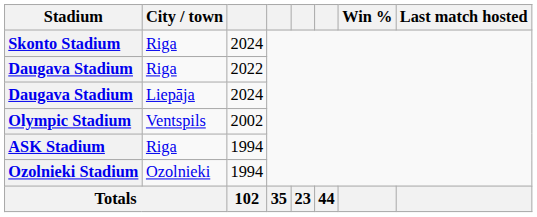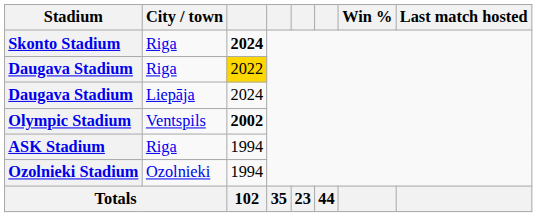 <table class="wikitable sortable plainrowheaders" cellpadding="3" style="text-align: center;">
 <tr>
 <th scope="col">Stadium</th>
 <th scope="col">City / town</th>
 <th scope="col"></th>
 <th scope="col"></th>
 <th scope="col"></th>
 <th scope="col"></th>
 <th scope="col">Win %</th>
 <th scope="col">Last match hosted</th>
 </tr>
 <tr>
 <th scope="row" style="text-align: left;"><a href='#'>Skonto Stadium</a></th>
 <td style="text-align: left;"><a href='#'>Riga</a><br></td>
-<td>2024</td>
+<td><strong>2024</strong></td>
 </tr>
 <tr>
 <th scope="row" style="text-align: left;"><a href='#'>Daugava Stadium</a></th>
 <td style="text-align: left;"><a href='#'>Riga</a><br></td>
-<td>2022</td>
+<td style="background: gold;">2022</td>
 </tr>
 <tr>
 <th scope="row" style="text-align: left;"><a href='#'>Daugava Stadium</a></th>
 <td style="text-align: left;"><a href='#'>Liepāja</a><br></td>
 <td>2024</td>
 </tr>
 <tr>
 <th scope="row" style="text-align: left;"><a href='#'>Olympic Stadium</a></th>
 <td style="text-align: left;"><a href='#'>Ventspils</a><br></td>
-<td>2002</td>
+<td><strong>2002</strong></td>
 </tr>
 <tr>
 <th scope="row" style="text-align: left;"><a href='#'>ASK Stadium</a></th>
 <td style="text-align: left;"><a href='#'>Riga</a><br></td>
 <td>1994</td>
 </tr>
 <tr>
 <th scope="row" style="text-align: left;"><a href='#'>Ozolnieki Stadium</a></th>
 <td style="text-align: left;"><a href='#'>Ozolnieki</a><br></td>
 <td>1994</td>
 </tr>
 <tr>
 <th colspan="2">Totals</th>
 <th>102</th>
 <th>35</th>
 <th>23</th>
 <th>44</th>
 <th></th>
 <th></th>
 </tr>
 </table>
